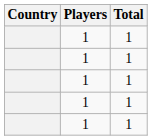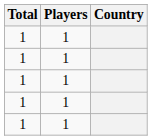 <table class="sortable wikitable plainrowheaders">
 <tr>
+<th scope="col">Total</th>
+<th scope="col">Players</th>
 <th scope="col">Country</th>
-<th scope="col">Players</th>
-<th scope="col">Total</th>
 </tr>
 <tr>
-<th scope="row"></th>
 <td align="center">1</td>
 <td align="center">1</td>
+<th scope="row"></th>
 </tr>
 <tr>
-<th scope="row"></th>
 <td align="center">1</td>
 <td align="center">1</td>
+<th scope="row"></th>
 </tr>
 <tr>
-<th scope="row"></th>
 <td align="center">1</td>
 <td align="center">1</td>
+<th scope="row"></th>
 </tr>
 <tr>
-<th scope="row"></th>
 <td align="center">1</td>
 <td align="center">1</td>
+<th scope="row"></th>
 </tr>
 <tr>
-<th scope="row"></th>
 <td align="center">1</td>
 <td align="center">1</td>
+<th scope="row"></th>
 </tr>
 </table>
